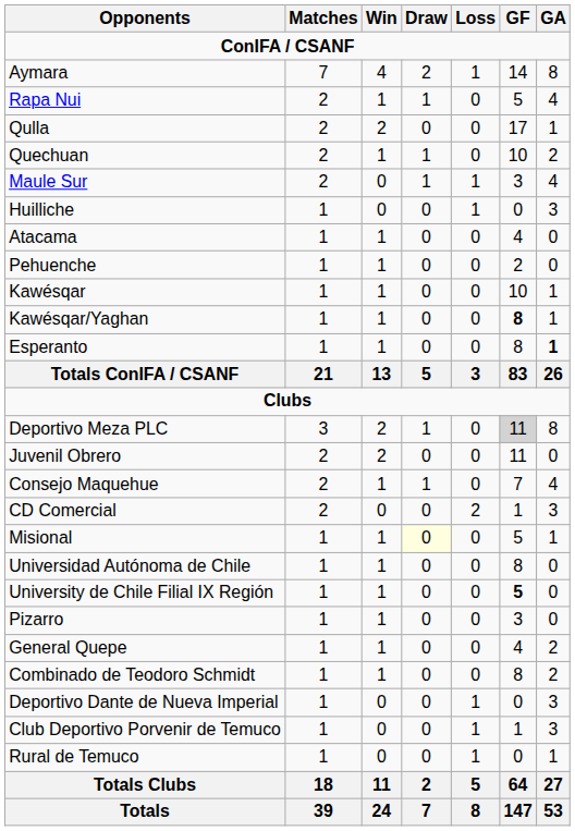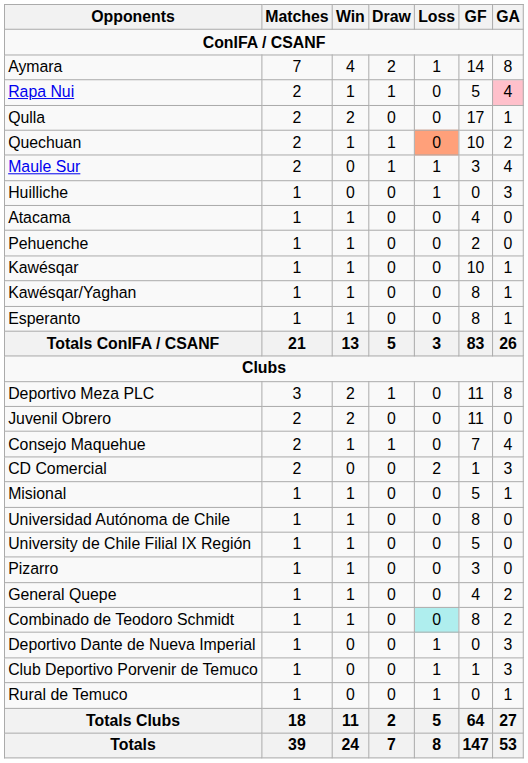 <table class="wikitable sortable" style="text-align: center;">
 <tr>
 <th>Opponents</th>
 <th>Matches</th>
 <th>Win</th>
 <th>Draw</th>
 <th>Loss</th>
 <th>GF</th>
 <th>GA</th>
 </tr>
 <tr>
 <td align="center" colspan=7><strong>ConIFA / CSANF</strong></td>
 </tr>
 <tr>
 <td align="left"> Aymara</td>
 <td>7</td>
 <td>4</td>
 <td>2</td>
 <td>1</td>
 <td>14</td>
 <td>8</td>
 </tr>
 <tr>
 <td align="left"> <a href='#'>Rapa Nui</a></td>
 <td>2</td>
 <td>1</td>
 <td>1</td>
 <td>0</td>
 <td>5</td>
-<td>4</td>
+<td style="background: pink;">4</td>
 </tr>
 <tr>
 <td align="left">Qulla</td>
 <td>2</td>
 <td>2</td>
 <td>0</td>
 <td>0</td>
 <td>17</td>
 <td>1</td>
 </tr>
 <tr>
 <td align="left"> Quechuan</td>
 <td>2</td>
 <td>1</td>
 <td>1</td>
-<td>0</td>
+<td style="background: lightsalmon;">0</td>
 <td>10</td>
 <td>2</td>
 </tr>
 <tr>
 <td align="left"> <a href='#'>Maule Sur</a></td>
 <td>2</td>
 <td>0</td>
 <td>1</td>
 <td>1</td>
 <td>3</td>
 <td>4</td>
 </tr>
 <tr>
 <td align="left"> Huilliche</td>
 <td>1</td>
 <td>0</td>
 <td>0</td>
 <td>1</td>
 <td>0</td>
 <td>3</td>
 </tr>
 <tr>
 <td align="left"> Atacama</td>
 <td>1</td>
 <td>1</td>
 <td>0</td>
 <td>0</td>
 <td>4</td>
 <td>0</td>
 </tr>
 <tr>
 <td align="left"> Pehuenche</td>
 <td>1</td>
 <td>1</td>
 <td>0</td>
 <td>0</td>
 <td>2</td>
 <td>0</td>
 </tr>
 <tr>
 <td align="left"> Kawésqar</td>
 <td>1</td>
 <td>1</td>
 <td>0</td>
 <td>0</td>
 <td>10</td>
 <td>1</td>
 </tr>
 <tr>
 <td align="left"> Kawésqar/Yaghan</td>
 <td>1</td>
 <td>1</td>
 <td>0</td>
 <td>0</td>
-<td><strong>8</strong></td>
+<td>8</td>
 <td>1</td>
 </tr>
 <tr>
 <td align="left"> Esperanto</td>
 <td>1</td>
 <td>1</td>
 <td>0</td>
 <td>0</td>
 <td>8</td>
-<td><strong>1</strong></td>
+<td>1</td>
 </tr>
 <tr>
 <th colspan="1">Totals ConIFA / CSANF</th>
 <th>21</th>
 <th>13</th>
 <th>5</th>
 <th>3</th>
 <th>83</th>
 <th>26</th>
 </tr>
 <tr>
 <td align="center" colspan=7><strong>Clubs</strong></td>
 </tr>
 <tr>
 <td align="left">Deportivo Meza PLC</td>
 <td>3</td>
 <td>2</td>
 <td>1</td>
 <td>0</td>
-<td style="background: lightgrey;">11</td>
+<td>11</td>
 <td>8</td>
 </tr>
 <tr>
 <td align="left">Juvenil Obrero</td>
 <td>2</td>
 <td>2</td>
 <td>0</td>
 <td>0</td>
 <td>11</td>
 <td>0</td>
 </tr>
 <tr>
 <td align="left">Consejo Maquehue</td>
 <td>2</td>
 <td>1</td>
 <td>1</td>
 <td>0</td>
 <td>7</td>
 <td>4</td>
 </tr>
 <tr>
 <td align="left">CD Comercial</td>
 <td>2</td>
 <td>0</td>
 <td>0</td>
 <td>2</td>
 <td>1</td>
 <td>3</td>
 </tr>
 <tr>
 <td align="left">Misional</td>
 <td>1</td>
 <td>1</td>
-<td style="background: lightyellow;">0</td>
+<td>0</td>
 <td>0</td>
 <td>5</td>
 <td>1</td>
 </tr>
 <tr>
 <td align="left">Universidad Autónoma de Chile</td>
 <td>1</td>
 <td>1</td>
 <td>0</td>
 <td>0</td>
 <td>8</td>
 <td>0</td>
 </tr>
 <tr>
 <td align="left">University de Chile Filial IX Región</td>
 <td>1</td>
 <td>1</td>
 <td>0</td>
 <td>0</td>
-<td><strong>5</strong></td>
+<td>5</td>
 <td>0</td>
 </tr>
 <tr>
 <td align="left">Pizarro</td>
 <td>1</td>
 <td>1</td>
 <td>0</td>
 <td>0</td>
 <td>3</td>
 <td>0</td>
 </tr>
 <tr>
 <td align="left">General Quepe</td>
 <td>1</td>
 <td>1</td>
 <td>0</td>
 <td>0</td>
 <td>4</td>
 <td>2</td>
 </tr>
 <tr>
 <td align="left">Combinado de Teodoro Schmidt</td>
 <td>1</td>
 <td>1</td>
 <td>0</td>
-<td>0</td>
+<td style="background: paleturquoise;">0</td>
 <td>8</td>
 <td>2</td>
 </tr>
 <tr>
 <td align="left">Deportivo Dante de Nueva Imperial</td>
 <td>1</td>
 <td>0</td>
 <td>0</td>
 <td>1</td>
 <td>0</td>
 <td>3</td>
 </tr>
 <tr>
 <td align="left">Club Deportivo Porvenir de Temuco</td>
 <td>1</td>
 <td>0</td>
 <td>0</td>
 <td>1</td>
 <td>1</td>
 <td>3</td>
 </tr>
 <tr>
 <td align="left">Rural de Temuco</td>
 <td>1</td>
 <td>0</td>
 <td>0</td>
 <td>1</td>
 <td>0</td>
 <td>1</td>
 </tr>
 <tr>
 <th colspan="1">Totals Clubs</th>
 <th>18</th>
 <th>11</th>
 <th>2</th>
 <th>5</th>
 <th>64</th>
 <th>27</th>
 </tr>
 <tr>
 <th colspan="1">Totals</th>
 <th>39</th>
 <th>24</th>
 <th>7</th>
 <th>8</th>
 <th>147</th>
 <th>53</th>
 </tr>
 </table>
